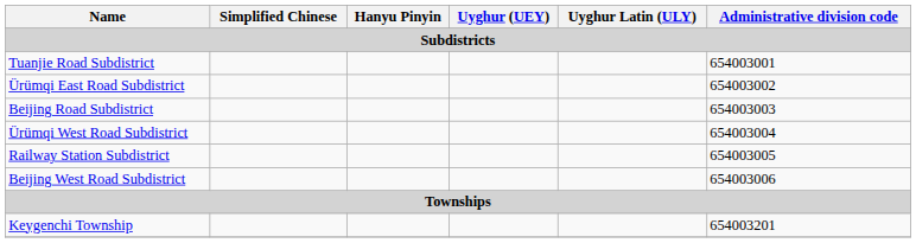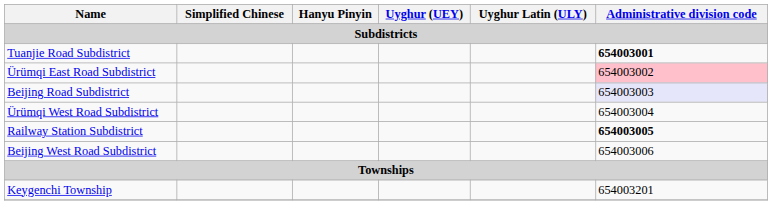 <table class="wikitable" align="center" style="width:50%; border="1">
 <tr>
 <th>Name</th>
 <th>Simplified Chinese</th>
 <th>Hanyu Pinyin</th>
 <th><a href='#'>Uyghur</a> (<a href='#'>UEY</a>)</th>
 <th>Uyghur Latin (<a href='#'>ULY</a>)</th>
 <th><a href='#'>Administrative division code</a></th>
 </tr>
 <tr>
 <td colspan="7"  style="text-align:center; background:#d3d3d3;"><strong>Subdistricts</strong></td>
 </tr>
 <tr --------->
 <td><a href='#'>Tuanjie Road Subdistrict</a></td>
 <td></td>
 <td></td>
 <td></td>
 <td></td>
-<td>654003001</td>
+<td><strong>654003001</strong></td>
 </tr>
 <tr>
 <td><a href='#'>Ürümqi East Road Subdistrict</a></td>
 <td></td>
 <td></td>
 <td></td>
 <td></td>
-<td>654003002</td>
+<td style="background: pink;">654003002</td>
 </tr>
 <tr>
 <td><a href='#'>Beijing Road Subdistrict</a></td>
 <td></td>
 <td></td>
 <td></td>
 <td></td>
-<td>654003003</td>
+<td style="background: lavender;">654003003</td>
 </tr>
 <tr>
 <td><a href='#'>Ürümqi West Road Subdistrict</a></td>
 <td></td>
 <td></td>
 <td></td>
 <td></td>
 <td>654003004</td>
 </tr>
 <tr>
 <td><a href='#'>Railway Station Subdistrict</a></td>
 <td></td>
 <td></td>
 <td></td>
 <td></td>
-<td>654003005</td>
+<td><strong>654003005</strong></td>
 </tr>
 <tr>
 <td><a href='#'>Beijing West Road Subdistrict</a></td>
 <td></td>
 <td></td>
 <td></td>
 <td></td>
 <td>654003006</td>
 </tr>
 <tr>
 <td colspan="7"  style="text-align:center; background:#d3d3d3;"><strong>Townships</strong></td>
 </tr>
 <tr --------->
 <td><a href='#'>Keygenchi Township</a></td>
 <td></td>
 <td></td>
 <td></td>
 <td></td>
 <td>654003201</td>
 </tr>
 <tr>
 </tr>
 </table>
